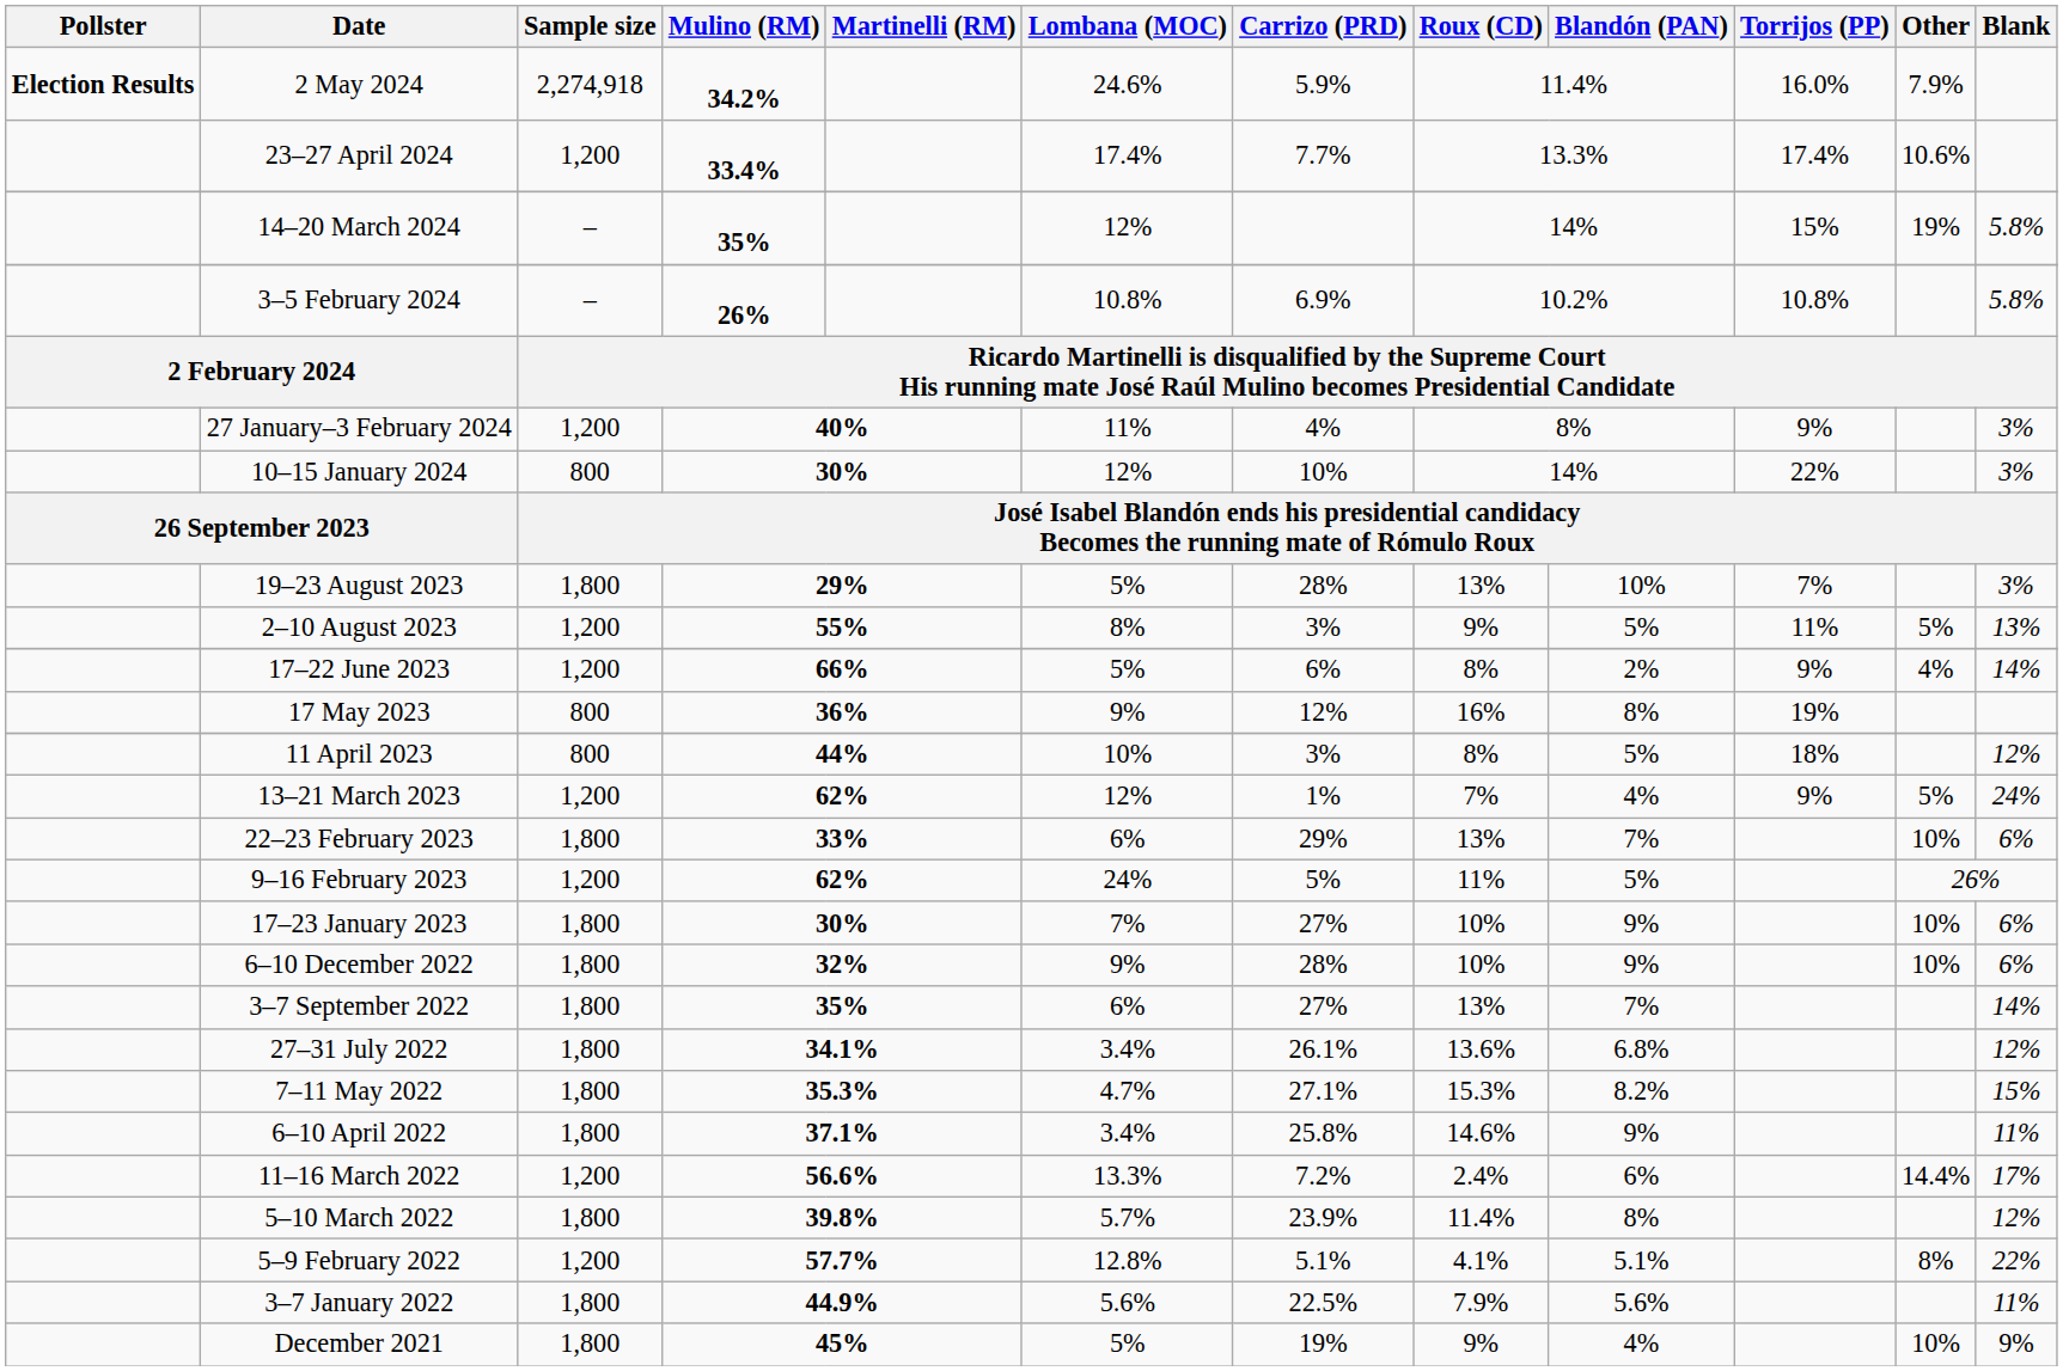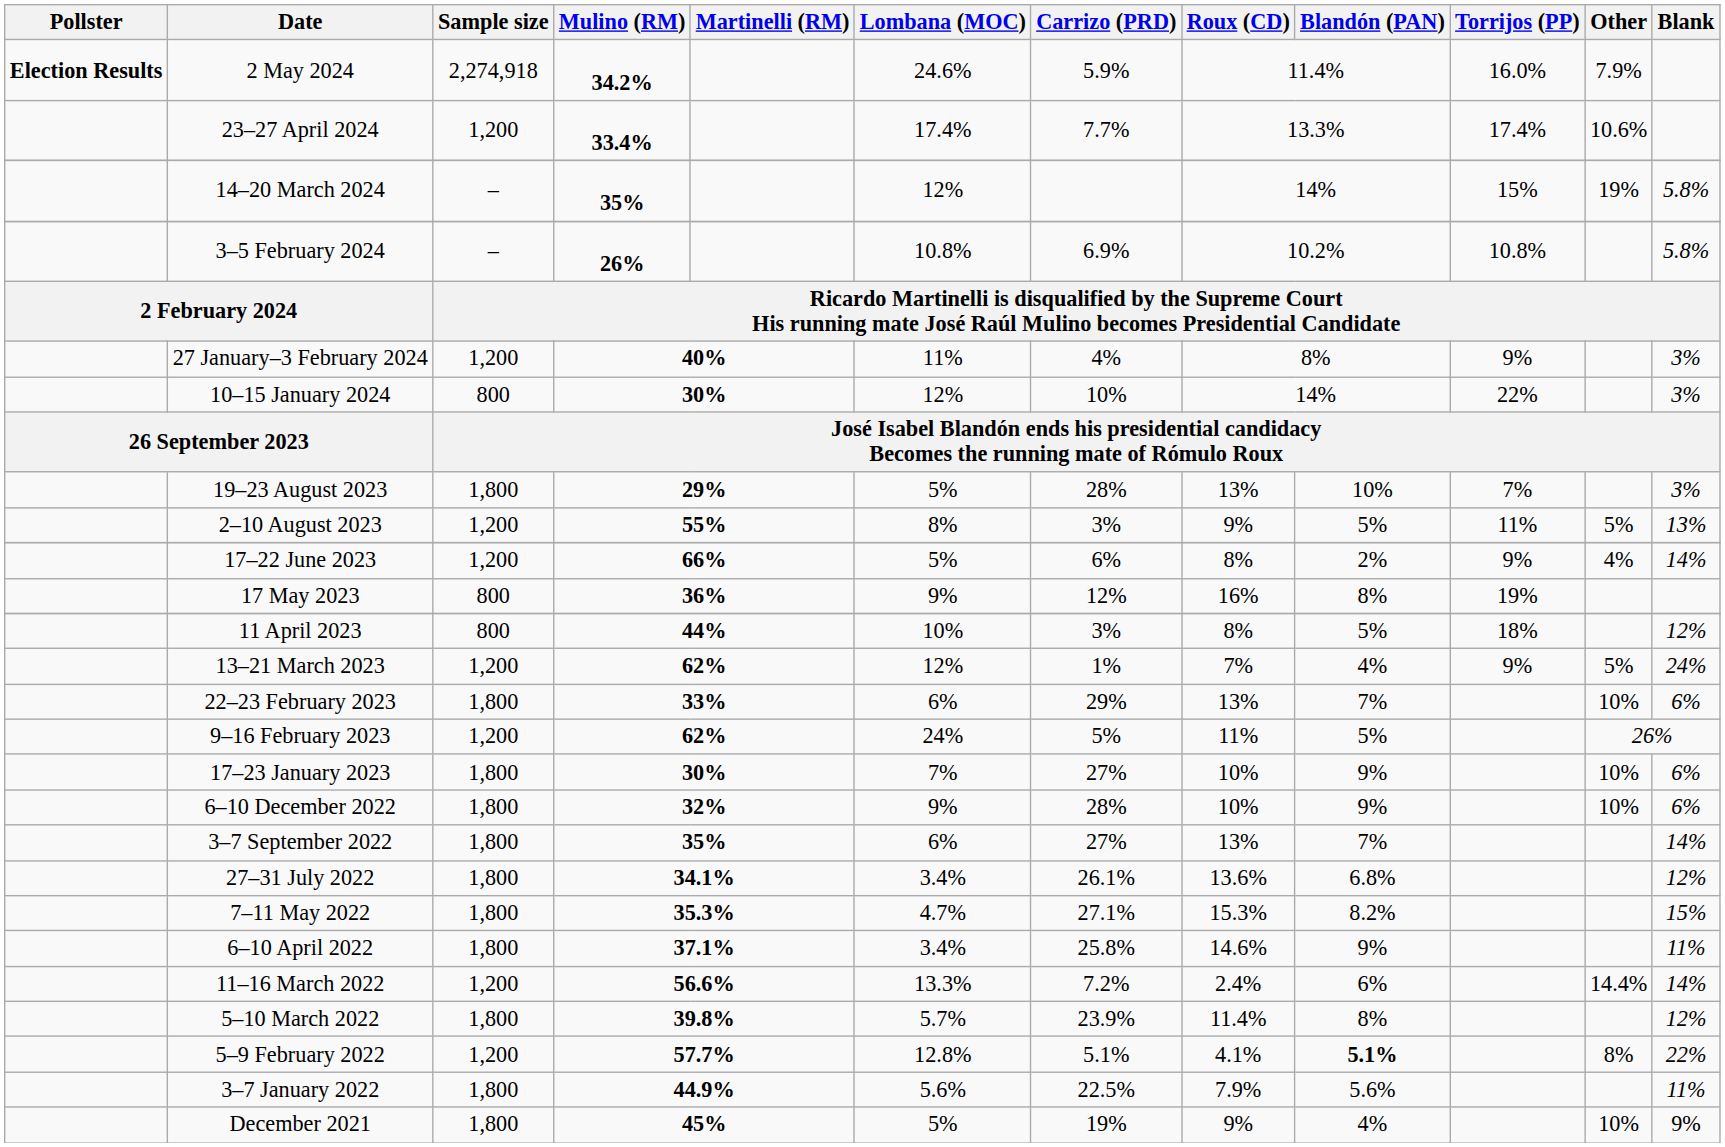 <table class="wikitable" style="text-align:center">
 <tr>
 <th>Pollster</th>
 <th>Date</th>
 <th>Sample size</th>
 <th><a href='#'>Mulino</a> (<a href='#'>RM</a>)</th>
 <th><a href='#'>Martinelli</a> (<a href='#'>RM</a>)</th>
 <th><a href='#'>Lombana</a> (<a href='#'>MOC</a>)</th>
 <th><a href='#'>Carrizo</a> (<a href='#'>PRD</a>)</th>
 <th><a href='#'>Roux</a> (<a href='#'>CD</a>)</th>
 <th><a href='#'>Blandón</a> (<a href='#'>PAN</a>)</th>
 <th><a href='#'>Torrijos</a> (<a href='#'>PP</a>)</th>
 <th>Other</th>
 <th>Blank</th>
 </tr>
 <tr>
 <td><strong>Election Results</strong></td>
 <td>2 May 2024</td>
 <td>2,274,918</td>
 <td style="background:"><br><strong>34.2%</strong></td>
 <td></td>
 <td>24.6%</td>
 <td>5.9%</td>
 <td colspan="2">11.4%</td>
 <td>16.0%</td>
 <td>7.9%</td>
 <td></td>
 </tr>
 <tr>
 <td></td>
 <td>23–27 April 2024</td>
 <td>1,200</td>
 <td style="background:"><br><strong>33.4%</strong></td>
 <td></td>
 <td>17.4%</td>
 <td>7.7%</td>
 <td colspan="2">13.3%</td>
 <td>17.4%</td>
 <td>10.6%</td>
 <td></td>
 </tr>
 <tr>
 </tr>
 <tr>
 <td></td>
 <td>14–20 March 2024</td>
 <td>–</td>
 <td style="background:"><br><strong>35%</strong></td>
 <td></td>
 <td>12%</td>
 <td></td>
 <td colspan="2">14%</td>
 <td>15%</td>
 <td>19%</td>
 <td><em>5.8%</em></td>
 </tr>
 <tr>
 </tr>
 <tr>
 <td></td>
 <td>3–5 February 2024</td>
 <td>–</td>
 <td style="background:"><br><strong>26%</strong></td>
 <td></td>
 <td>10.8%</td>
 <td>6.9%</td>
 <td colspan="2">10.2%</td>
 <td>10.8%</td>
 <td></td>
 <td><em>5.8%</em></td>
 </tr>
 <tr>
 <th colspan="2"><strong>2 February 2024</strong></th>
 <th colspan="10"><strong>Ricardo Martinelli is disqualified by the Supreme Court<br>His running mate José Raúl Mulino becomes Presidential Candidate</strong></th>
 </tr>
 <tr>
 <td></td>
 <td>27 January–3 February 2024</td>
 <td>1,200</td>
 <td colspan="2" style="background:"><strong>40%</strong></td>
 <td>11%</td>
 <td>4%</td>
 <td colspan="2">8%</td>
 <td>9%</td>
 <td></td>
 <td><em>3%</em></td>
 </tr>
 <tr>
 <td></td>
 <td>10–15 January 2024</td>
 <td>800</td>
 <td colspan="2" style="background:"><strong>30%</strong></td>
 <td>12%</td>
 <td>10%</td>
 <td colspan="2">14%</td>
 <td>22%</td>
 <td></td>
 <td><em>3%</em></td>
 </tr>
 <tr>
 <th colspan="2"><strong>26 September 2023</strong></th>
 <th colspan="10"><strong>José Isabel Blandón ends his presidential candidacy<br>Becomes the running mate of Rómulo Roux</strong></th>
 </tr>
 <tr>
 <td></td>
 <td>19–23 August 2023</td>
 <td>1,800</td>
 <td colspan="2" style="background:"><strong>29%</strong></td>
 <td>5%</td>
 <td>28%</td>
 <td>13%</td>
 <td>10%</td>
 <td>7%</td>
 <td></td>
 <td><em>3%</em></td>
 </tr>
 <tr>
 <td></td>
 <td>2–10 August 2023</td>
 <td>1,200</td>
 <td colspan="2" style="background:"><strong>55%</strong></td>
 <td>8%</td>
 <td>3%</td>
 <td>9%</td>
 <td>5%</td>
 <td>11%</td>
 <td>5%</td>
 <td><em>13%</em></td>
 </tr>
 <tr>
 </tr>
 <tr>
 <td></td>
 <td>17–22 June 2023</td>
 <td>1,200</td>
 <td colspan="2" style="background:"><strong>66%</strong></td>
 <td>5%</td>
 <td>6%</td>
 <td>8%</td>
 <td>2%</td>
 <td>9%</td>
 <td>4%</td>
 <td><em>14%</em></td>
 </tr>
 <tr>
 <td></td>
 <td>17 May 2023</td>
 <td>800</td>
 <td colspan="2" style="background:"><strong>36%</strong></td>
 <td>9%</td>
 <td>12%</td>
 <td>16%</td>
 <td>8%</td>
 <td>19%</td>
 <td></td>
 <td></td>
 </tr>
 <tr>
 </tr>
 <tr>
 <td></td>
 <td>11 April 2023</td>
 <td>800</td>
 <td colspan="2" style="background:"><strong>44%</strong></td>
 <td>10%</td>
 <td>3%</td>
 <td>8%</td>
 <td>5%</td>
 <td>18%</td>
 <td></td>
 <td><em>12%</em></td>
 </tr>
 <tr>
 <td></td>
 <td>13–21 March 2023</td>
 <td>1,200</td>
 <td colspan="2" style="background:"><strong>62%</strong></td>
 <td>12%</td>
 <td>1%</td>
 <td>7%</td>
 <td>4%</td>
 <td>9%</td>
 <td>5%</td>
 <td><em>24%</em></td>
 </tr>
 <tr>
 <td></td>
 <td>22–23 February 2023</td>
 <td>1,800</td>
 <td colspan="2" style="background:"><strong>33%</strong></td>
 <td>6%</td>
 <td>29%</td>
 <td>13%</td>
 <td>7%</td>
 <td></td>
 <td>10%</td>
 <td><em>6%</em></td>
 </tr>
 <tr>
 <td></td>
 <td>9–16 February 2023</td>
 <td>1,200</td>
 <td colspan="2" style="background:"><strong>62%</strong></td>
 <td>24%</td>
 <td>5%</td>
 <td>11%</td>
 <td>5%</td>
 <td></td>
 <td colspan="2"><em>26%</em></td>
 </tr>
 <tr>
 <td></td>
 <td>17–23 January 2023</td>
 <td>1,800</td>
 <td colspan="2" style="background:"><strong>30%</strong></td>
 <td>7%</td>
 <td>27%</td>
 <td>10%</td>
 <td>9%</td>
 <td></td>
 <td>10%</td>
 <td><em>6%</em></td>
 </tr>
 <tr>
 <td></td>
 <td>6–10 December 2022</td>
 <td>1,800</td>
 <td colspan="2" style="background:"><strong>32%</strong></td>
 <td>9%</td>
 <td>28%</td>
 <td>10%</td>
 <td>9%</td>
 <td></td>
 <td>10%</td>
 <td><em>6%</em></td>
 </tr>
 <tr>
 <td></td>
 <td>3–7 September 2022</td>
 <td>1,800</td>
 <td colspan="2" style="background:"><strong>35%</strong></td>
 <td>6%</td>
 <td>27%</td>
 <td>13%</td>
 <td>7%</td>
 <td></td>
 <td></td>
 <td><em>14%</em></td>
 </tr>
 <tr>
 <td></td>
 <td>27–31 July 2022</td>
 <td>1,800</td>
 <td colspan="2" style="background:"><strong>34.1%</strong></td>
 <td>3.4%</td>
 <td>26.1%</td>
 <td>13.6%</td>
 <td>6.8%</td>
 <td></td>
 <td></td>
 <td><em>12%</em></td>
 </tr>
 <tr>
 <td></td>
 <td>7–11 May 2022</td>
 <td>1,800</td>
 <td colspan="2" style="background:"><strong>35.3%</strong></td>
 <td>4.7%</td>
 <td>27.1%</td>
 <td>15.3%</td>
 <td>8.2%</td>
 <td></td>
 <td></td>
 <td><em>15%</em></td>
 </tr>
 <tr>
 <td></td>
 <td>6–10 April 2022</td>
 <td>1,800</td>
 <td colspan="2" style="background:"><strong>37.1%</strong></td>
 <td>3.4%</td>
 <td>25.8%</td>
 <td>14.6%</td>
 <td>9%</td>
 <td></td>
 <td></td>
 <td><em>11%</em></td>
 </tr>
 <tr>
 <td></td>
 <td>11–16 March 2022</td>
 <td>1,200</td>
 <td colspan="2" style="background:"><strong>56.6%</strong></td>
 <td>13.3%</td>
 <td>7.2%</td>
 <td>2.4%</td>
 <td>6%</td>
 <td></td>
 <td>14.4%</td>
-<td><em>17%</em></td>
+<td><em>14%</em></td>
 </tr>
 <tr>
 <td></td>
 <td>5–10 March 2022</td>
 <td>1,800</td>
 <td colspan="2" style="background:"><strong>39.8%</strong></td>
 <td>5.7%</td>
 <td>23.9%</td>
 <td>11.4%</td>
 <td>8%</td>
 <td></td>
 <td></td>
 <td><em>12%</em></td>
 </tr>
 <tr>
 <td></td>
 <td>5–9 February 2022</td>
 <td>1,200</td>
 <td colspan="2" style="background:"><strong>57.7%</strong></td>
 <td>12.8%</td>
 <td>5.1%</td>
 <td>4.1%</td>
-<td>5.1%</td>
+<td><strong>5.1%</strong></td>
 <td></td>
 <td>8%</td>
 <td><em>22%</em></td>
 </tr>
 <tr>
 <td></td>
 <td>3–7 January 2022</td>
 <td>1,800</td>
 <td colspan="2" style="background:"><strong>44.9%</strong></td>
 <td>5.6%</td>
 <td>22.5%</td>
 <td>7.9%</td>
 <td>5.6%</td>
 <td></td>
 <td></td>
 <td><em>11%</em></td>
 </tr>
 <tr>
 <td></td>
 <td>December 2021</td>
 <td>1,800</td>
 <td colspan="2" style="background:"><strong>45%</strong></td>
 <td>5%</td>
 <td>19%</td>
 <td>9%</td>
 <td>4%</td>
 <td></td>
 <td>10%</td>
 <td>9%</td>
 </tr>
 </table>
